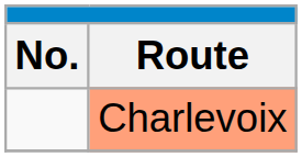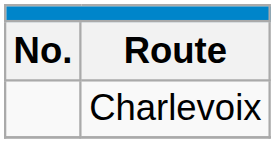 <table align=center class="wikitable">
 <tr>
 <th style="background: #0085CA; font-size:100%; color:#FFFFFF;"colspan="4"><a href='#'></a></th>
 </tr>
 <tr>
 <th>No.</th>
 <th>Route</th>
 </tr>
 <tr>
 <td></td>
-<td style="background: lightsalmon;">Charlevoix</td>
+<td>Charlevoix</td>
 </tr>
 <tr>
 </tr>
 </table>
